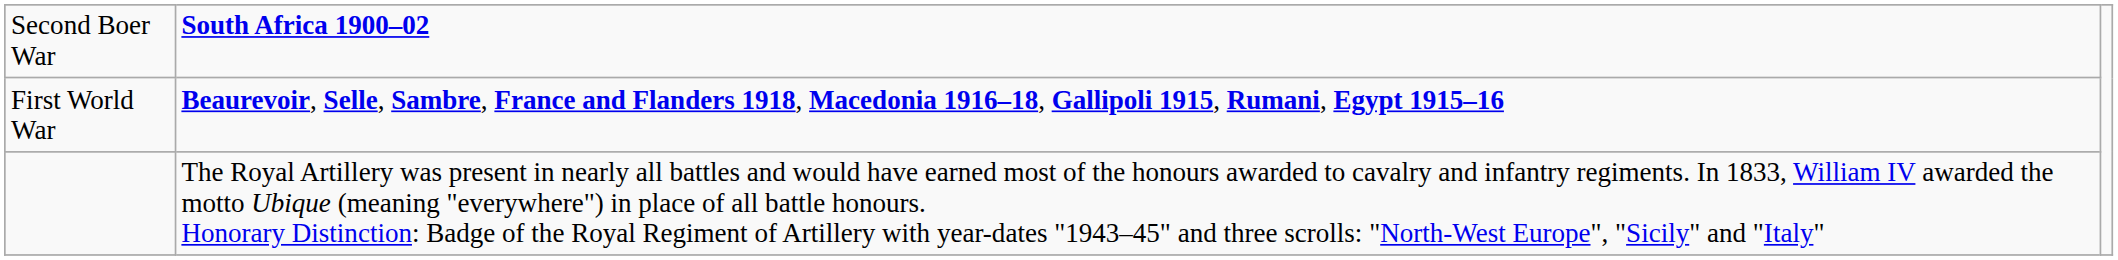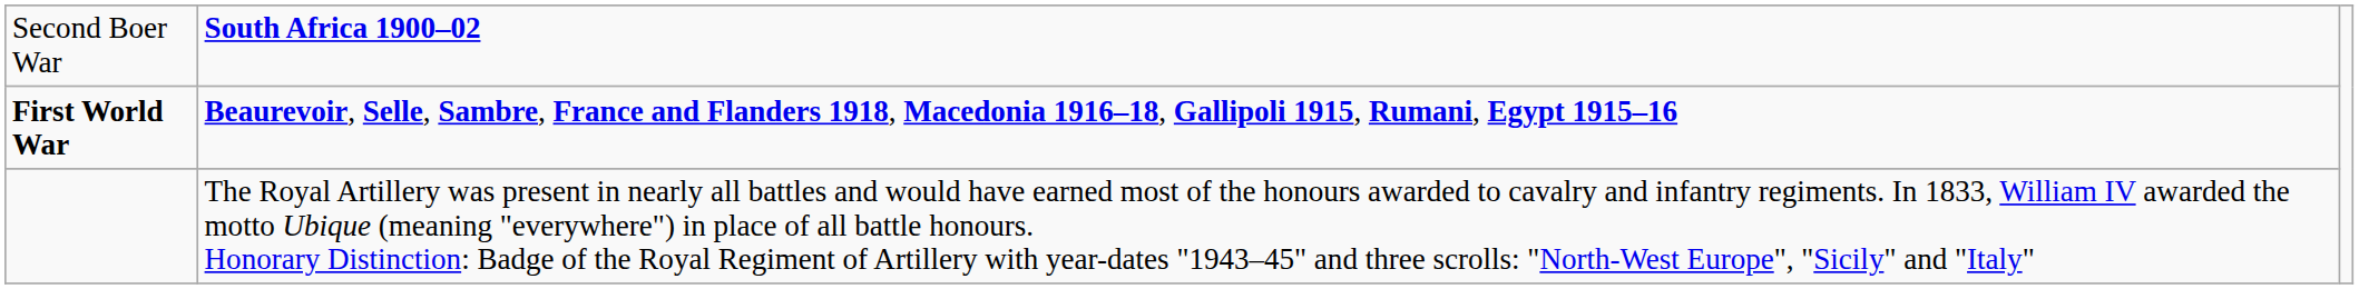 <table class="wikitable">
 <tr valign=top>
 <td>Second Boer War</td>
 <td><strong><a href='#'>South Africa 1900–02</a></strong></td>
 <td rowspan=3></td>
 </tr>
 <tr valign=top>
-<td>First World War</td>
+<td><strong>First World War</strong></td>
 <td><strong><a href='#'>Beaurevoir</a></strong>, <strong><a href='#'>Selle</a></strong>, <strong><a href='#'>Sambre</a></strong>, <strong><a href='#'>France and Flanders 1918</a></strong>, <strong><a href='#'>Macedonia 1916–18</a></strong>, <strong><a href='#'>Gallipoli 1915</a></strong>, <strong><a href='#'>Rumani</a></strong>, <strong><a href='#'>Egypt 1915–16</a></strong></td>
 </tr>
 <tr valign=top>
 <td></td>
 <td>The Royal Artillery was present in nearly all battles and would have earned most of the honours awarded to cavalry and infantry regiments. In 1833, <a href='#'>William IV</a> awarded the motto <em>Ubique</em> (meaning "everywhere") in place of all battle honours.<br><a href='#'>Honorary Distinction</a>: Badge of the Royal Regiment of Artillery with year-dates "1943–45" and three scrolls: "<a href='#'>North-West Europe</a>", "<a href='#'>Sicily</a>" and "<a href='#'>Italy</a>"</td>
 </tr>
 </table>
